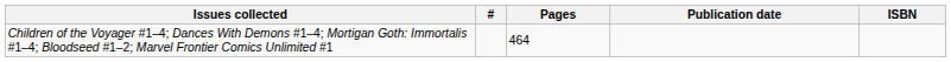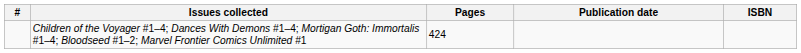 <table class="wikitable sortable" width=98%>
 <tr>
+<th class="unsortable">#</th>
 <th class="unsortable" width="50%">Issues collected</th>
-<th class="unsortable">#</th>
 <th>Pages</th>
 <th>Publication date</th>
 <th class="unsortable">ISBN</th>
 </tr>
 <tr>
+<td></td>
 <td><em>Children of the Voyager</em> #1–4; <em>Dances With Demons</em> #1–4; <em>Mortigan Goth: Immortalis</em> #1–4; <em>Bloodseed</em> #1–2; <em>Marvel Frontier Comics Unlimited</em> #1</td>
-<td></td>
-<td>464</td>
+<td>424</td>
 <td></td>
 <td></td>
 </tr>
 </table>
